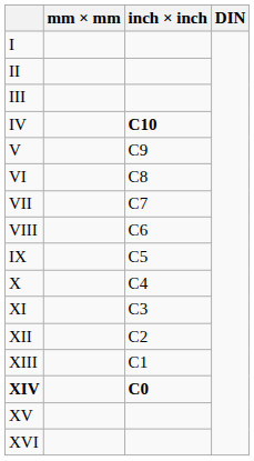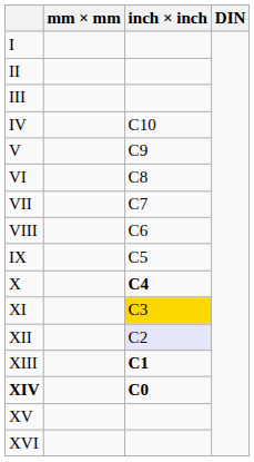 <table class="wikitable">
 <tr>
 <th></th>
 <th>mm × mm</th>
 <th>inch × inch</th>
 <th>DIN</th>
 </tr>
 <tr>
 <td>I</td>
 <td></td>
 <td></td>
 </tr>
 <tr>
 <td>II</td>
 <td></td>
 <td></td>
 </tr>
 <tr>
 <td>III</td>
 <td></td>
 <td></td>
 </tr>
 <tr>
 <td>IV</td>
 <td></td>
-<td><strong>C10</strong></td>
+<td>C10</td>
 </tr>
 <tr>
 <td>V</td>
 <td></td>
 <td>C9</td>
 </tr>
 <tr>
 <td>VI</td>
 <td></td>
 <td>C8</td>
 </tr>
 <tr>
 <td>VII</td>
 <td></td>
 <td>C7</td>
 </tr>
 <tr>
 <td>VIII</td>
 <td></td>
 <td>C6</td>
 </tr>
 <tr>
 <td>IX</td>
 <td></td>
 <td>C5</td>
 </tr>
 <tr>
 <td>X</td>
 <td></td>
-<td>C4</td>
+<td><strong>C4</strong></td>
 </tr>
 <tr>
 <td>XI</td>
 <td></td>
-<td>C3</td>
+<td style="background: gold;">C3</td>
 </tr>
 <tr>
 <td>XII</td>
 <td></td>
-<td>C2</td>
+<td style="background: lavender;">C2</td>
 </tr>
 <tr>
 <td>XIII</td>
 <td></td>
-<td>C1</td>
+<td><strong>C1</strong></td>
 </tr>
 <tr style="font-weight: bolder"|>
 <td>XIV</td>
 <td></td>
 <td>C0</td>
 </tr>
 <tr>
 <td>XV</td>
 <td></td>
 <td></td>
 </tr>
 <tr>
 <td>XVI</td>
 <td></td>
 <td></td>
 </tr>
 </table>
